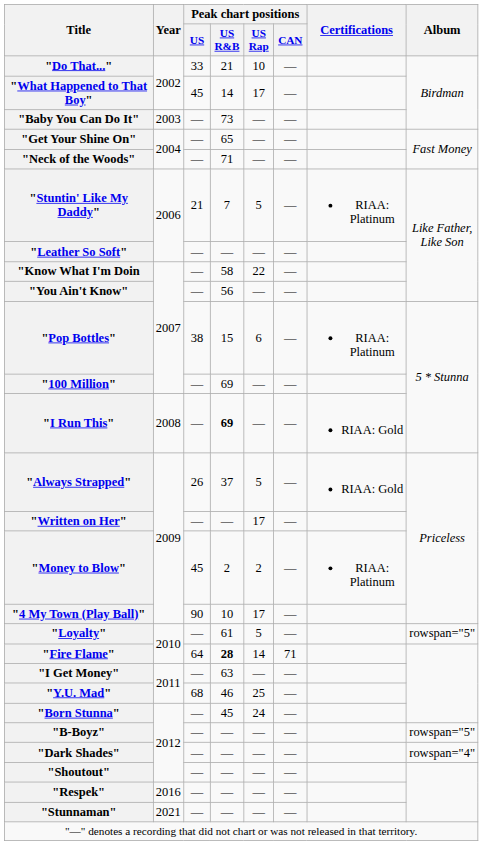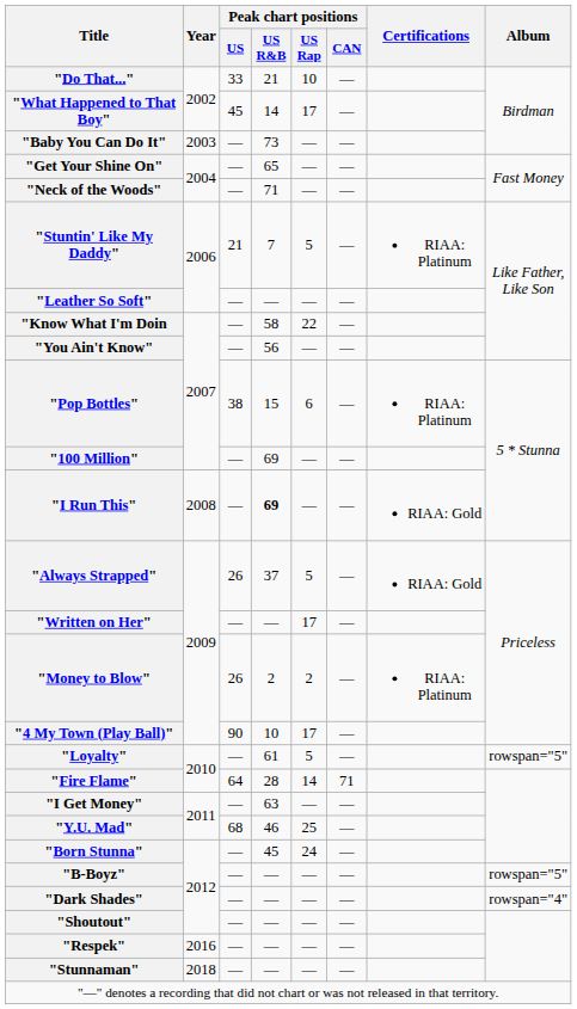 <table class="wikitable plainrowheaders" style="text-align:center;">
 <tr>
 <th scope="col" rowspan="2" style="width:21em;">Title</th>
 <th scope="col" rowspan="2">Year</th>
 <th scope="col" colspan="4">Peak chart positions</th>
 <th scope="col" rowspan="2" style="width:10em;"><a href='#'>Certifications</a></th>
 <th scope="col" rowspan="2">Album</th>
 </tr>
 <tr>
 <th scope="col" style="width:3em;font-size:90%;"><a href='#'>US</a><br></th>
 <th scope="col" style="width:3em;font-size:90%;"><a href='#'>US<br>R&B</a><br></th>
 <th scope="col" style="width:3em;font-size:90%;"><a href='#'>US<br>Rap</a><br></th>
 <th scope="col" style="width:3em;font-size:90%;"><a href='#'>CAN</a><br></th>
 </tr>
 <tr>
 <th scope="row">"<a href='#'>Do That...</a>"<br></th>
 <td rowspan="2">2002</td>
 <td>33</td>
 <td>21</td>
 <td>10</td>
 <td>—</td>
 <td></td>
 <td rowspan="3"><em>Birdman</em></td>
 </tr>
 <tr>
 <th scope="row">"<a href='#'>What Happened to That Boy</a>"<br></th>
 <td>45</td>
 <td>14</td>
 <td>17</td>
 <td>—</td>
 <td></td>
 </tr>
 <tr>
 <th scope="row">"Baby You Can Do It"<br></th>
 <td>2003</td>
 <td>—</td>
 <td>73</td>
 <td>—</td>
 <td>—</td>
 <td></td>
 </tr>
 <tr>
 <th scope="row">"Get Your Shine On"<br></th>
 <td rowspan="2">2004</td>
 <td>—</td>
 <td>65</td>
 <td>—</td>
 <td>—</td>
 <td></td>
 <td rowspan="2"><em>Fast Money</em></td>
 </tr>
 <tr>
 <th scope="row">"Neck of the Woods"<br></th>
 <td>—</td>
 <td>71</td>
 <td>—</td>
 <td>—</td>
 <td></td>
 </tr>
 <tr>
 <th scope="row">"<a href='#'>Stuntin' Like My Daddy</a>"<br></th>
 <td rowspan="2">2006</td>
 <td>21</td>
 <td>7</td>
 <td>5</td>
 <td>—</td>
 <td><br><ul><li>RIAA: Platinum</li></ul></td>
 <td rowspan="4"><em>Like Father, Like Son</em></td>
 </tr>
 <tr>
 <th scope="row">"<a href='#'>Leather So Soft</a>"<br></th>
 <td>—</td>
 <td>—</td>
 <td>—</td>
 <td>—</td>
 <td></td>
 </tr>
 <tr>
 <th scope="row">"Know What I'm Doin<br></th>
 <td rowspan="4">2007</td>
 <td>—</td>
 <td>58</td>
 <td>22</td>
 <td>—</td>
 <td></td>
 </tr>
 <tr>
 <th scope="row">"You Ain't Know"<br></th>
 <td>—</td>
 <td>56</td>
 <td>—</td>
 <td>—</td>
 <td></td>
 </tr>
 <tr>
 <th scope="row">"<a href='#'>Pop Bottles</a>"<br></th>
 <td>38</td>
 <td>15</td>
 <td>6</td>
 <td>—</td>
 <td><br><ul><li>RIAA: Platinum</li></ul></td>
 <td rowspan="3"><em>5 * Stunna</em></td>
 </tr>
 <tr>
 <th scope="row">"<a href='#'>100 Million</a>"<br></th>
 <td>—</td>
 <td>69</td>
 <td>—</td>
 <td>—</td>
 <td></td>
 </tr>
 <tr>
 <th scope="row">"<a href='#'>I Run This</a>"<br></th>
 <td>2008</td>
 <td>—</td>
 <td><strong>69</strong></td>
 <td>—</td>
 <td>—</td>
 <td><br><ul><li>RIAA: Gold</li></ul></td>
 </tr>
 <tr>
 <th scope="row">"<a href='#'>Always Strapped</a>"<br></th>
 <td rowspan="4">2009</td>
 <td>26</td>
 <td>37</td>
 <td>5</td>
 <td>—</td>
 <td><br><ul><li>RIAA: Gold</li></ul></td>
 <td rowspan="4"><em>Priceless</em></td>
 </tr>
 <tr>
 <th scope="row">"<a href='#'>Written on Her</a>"<br></th>
 <td>—</td>
 <td>—</td>
 <td>17</td>
 <td>—</td>
 <td></td>
 </tr>
 <tr>
 <th scope="row">"<a href='#'>Money to Blow</a>"<br></th>
-<td>45</td>
+<td>26</td>
 <td>2</td>
 <td>2</td>
 <td>—</td>
 <td><br><ul><li>RIAA: Platinum</li></ul></td>
 </tr>
 <tr>
 <th scope="row">"<a href='#'>4 My Town (Play Ball)</a>"<br></th>
 <td>90</td>
 <td>10</td>
 <td>17</td>
 <td>—</td>
 <td></td>
 </tr>
 <tr>
 <th scope="row">"<a href='#'>Loyalty</a>"<br></th>
 <td rowspan="2">2010</td>
 <td>—</td>
 <td>61</td>
 <td>5</td>
 <td>—</td>
 <td></td>
 <td>rowspan="5" </td>
 </tr>
 <tr>
 <th scope="row">"<a href='#'>Fire Flame</a>"<br></th>
 <td>64</td>
-<td><strong>28</strong></td>
+<td>28</td>
 <td>14</td>
 <td>71</td>
 <td></td>
 </tr>
 <tr>
 <th scope="row">"I Get Money"<br></th>
 <td rowspan="2">2011</td>
 <td>—</td>
 <td>63</td>
 <td>—</td>
 <td>—</td>
 <td></td>
 </tr>
 <tr>
 <th scope="row">"<a href='#'>Y.U. Mad</a>"<br></th>
 <td>68</td>
 <td>46</td>
 <td>25</td>
 <td>—</td>
 <td></td>
 </tr>
 <tr>
 <th scope="row">"<a href='#'>Born Stunna</a>"<br></th>
 <td rowspan="4">2012</td>
 <td>—</td>
 <td>45</td>
 <td>24</td>
 <td>—</td>
 <td></td>
 </tr>
 <tr>
 <th scope="row">"B-Boyz"<br></th>
 <td>—</td>
 <td>—</td>
 <td>—</td>
 <td>—</td>
 <td></td>
 <td>rowspan="5" </td>
 </tr>
 <tr>
 <th scope="row">"Dark Shades"<br></th>
 <td>—</td>
 <td>—</td>
 <td>—</td>
 <td>—</td>
 <td></td>
 <td>rowspan="4" </td>
 </tr>
 <tr>
 <th scope="row">"Shoutout"<br></th>
 <td>—</td>
 <td>—</td>
 <td>—</td>
 <td>—</td>
 <td></td>
 </tr>
 <tr>
 <th scope="row">"Respek"</th>
 <td>2016</td>
 <td>—</td>
 <td>—</td>
 <td>—</td>
 <td>—</td>
 <td></td>
 </tr>
 <tr>
 <th scope="row">"Stunnaman"<br></th>
-<td>2021</td>
+<td>2018</td>
 <td>—</td>
 <td>—</td>
 <td>—</td>
 <td>—</td>
 <td></td>
 </tr>
 <tr>
 <td colspan="8" style="font-size:90%">"—" denotes a recording that did not chart or was not released in that territory.</td>
 </tr>
 </table>
